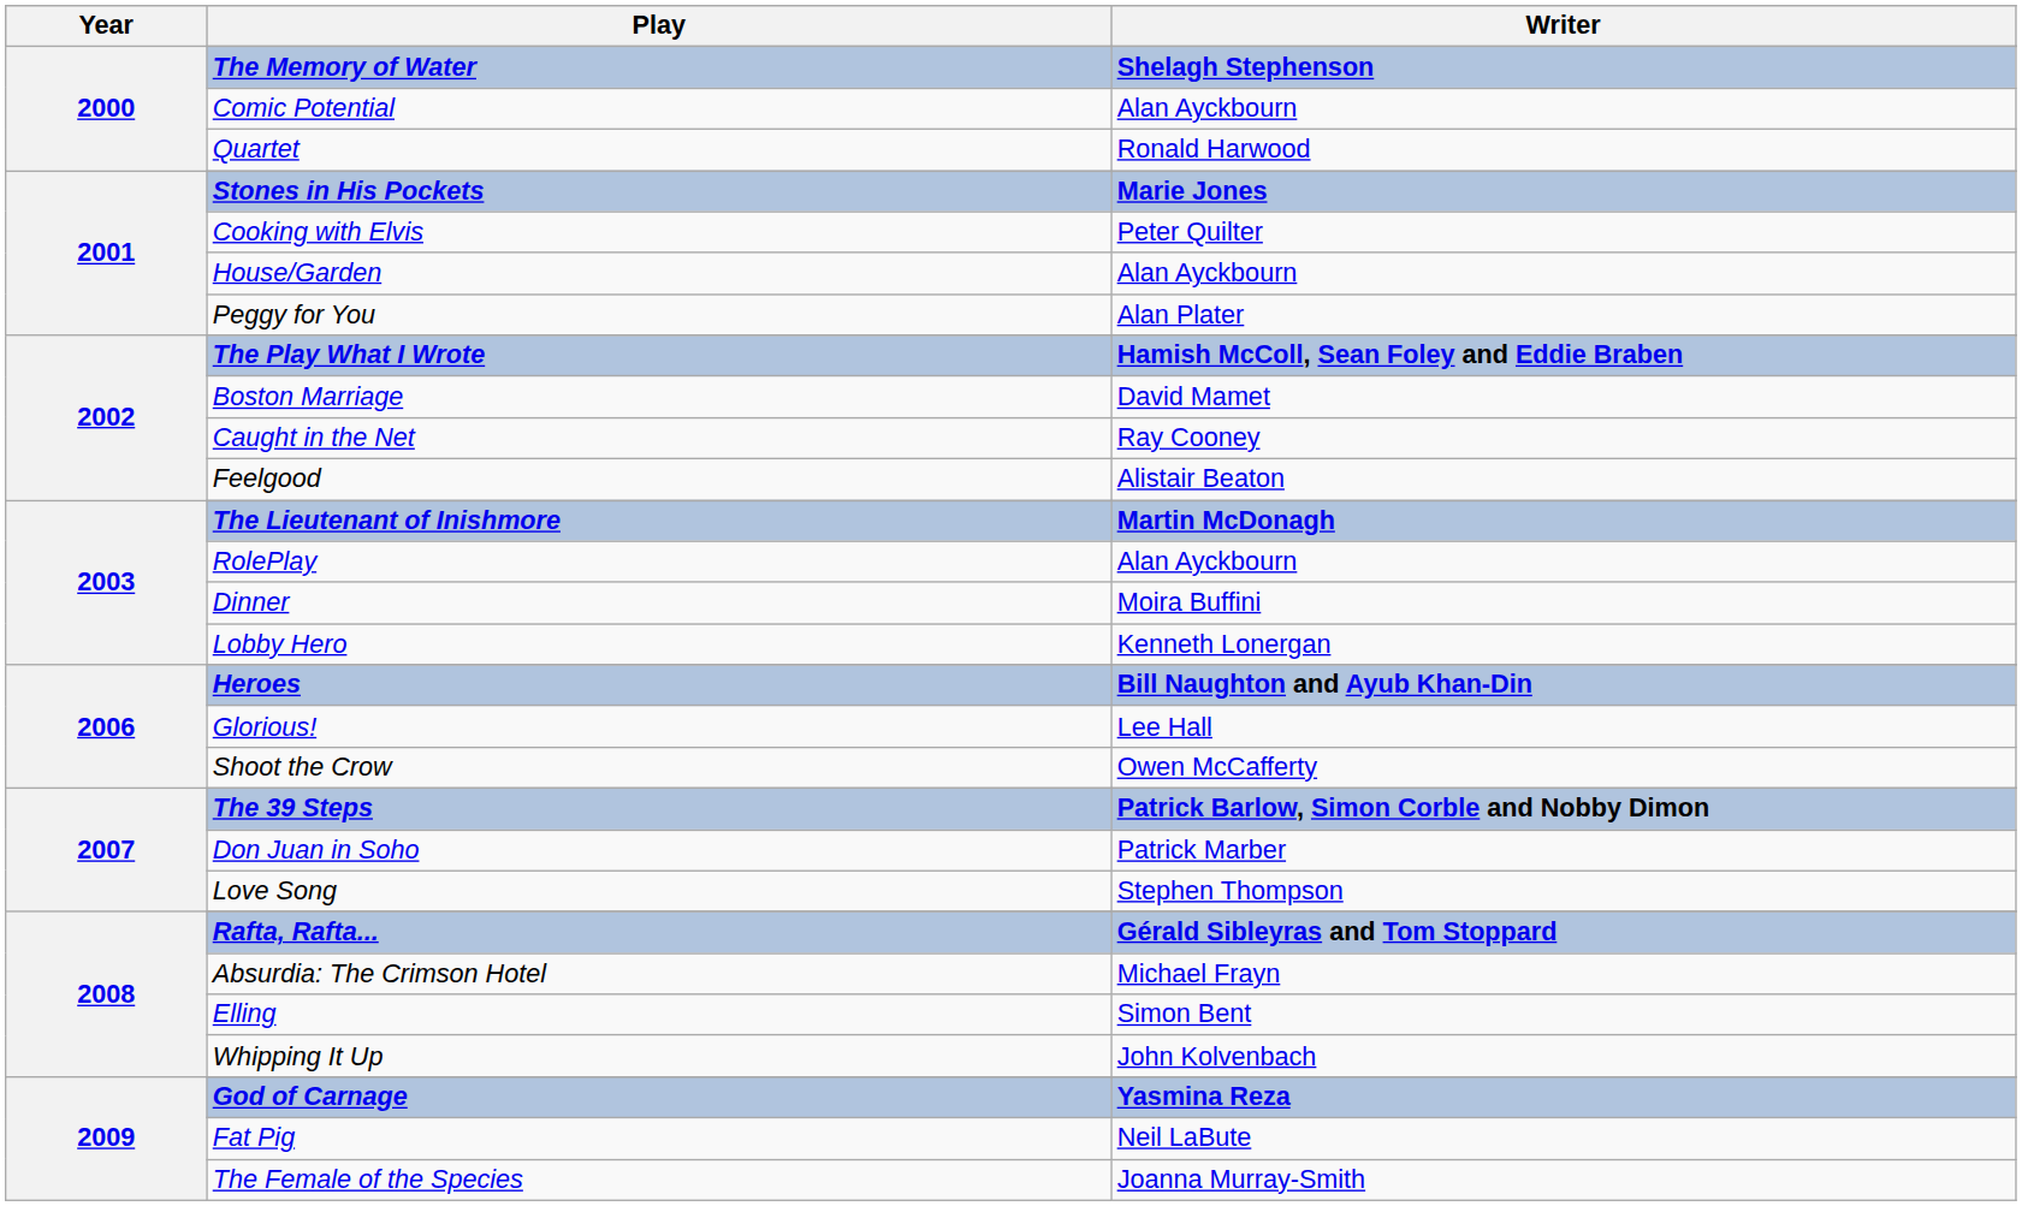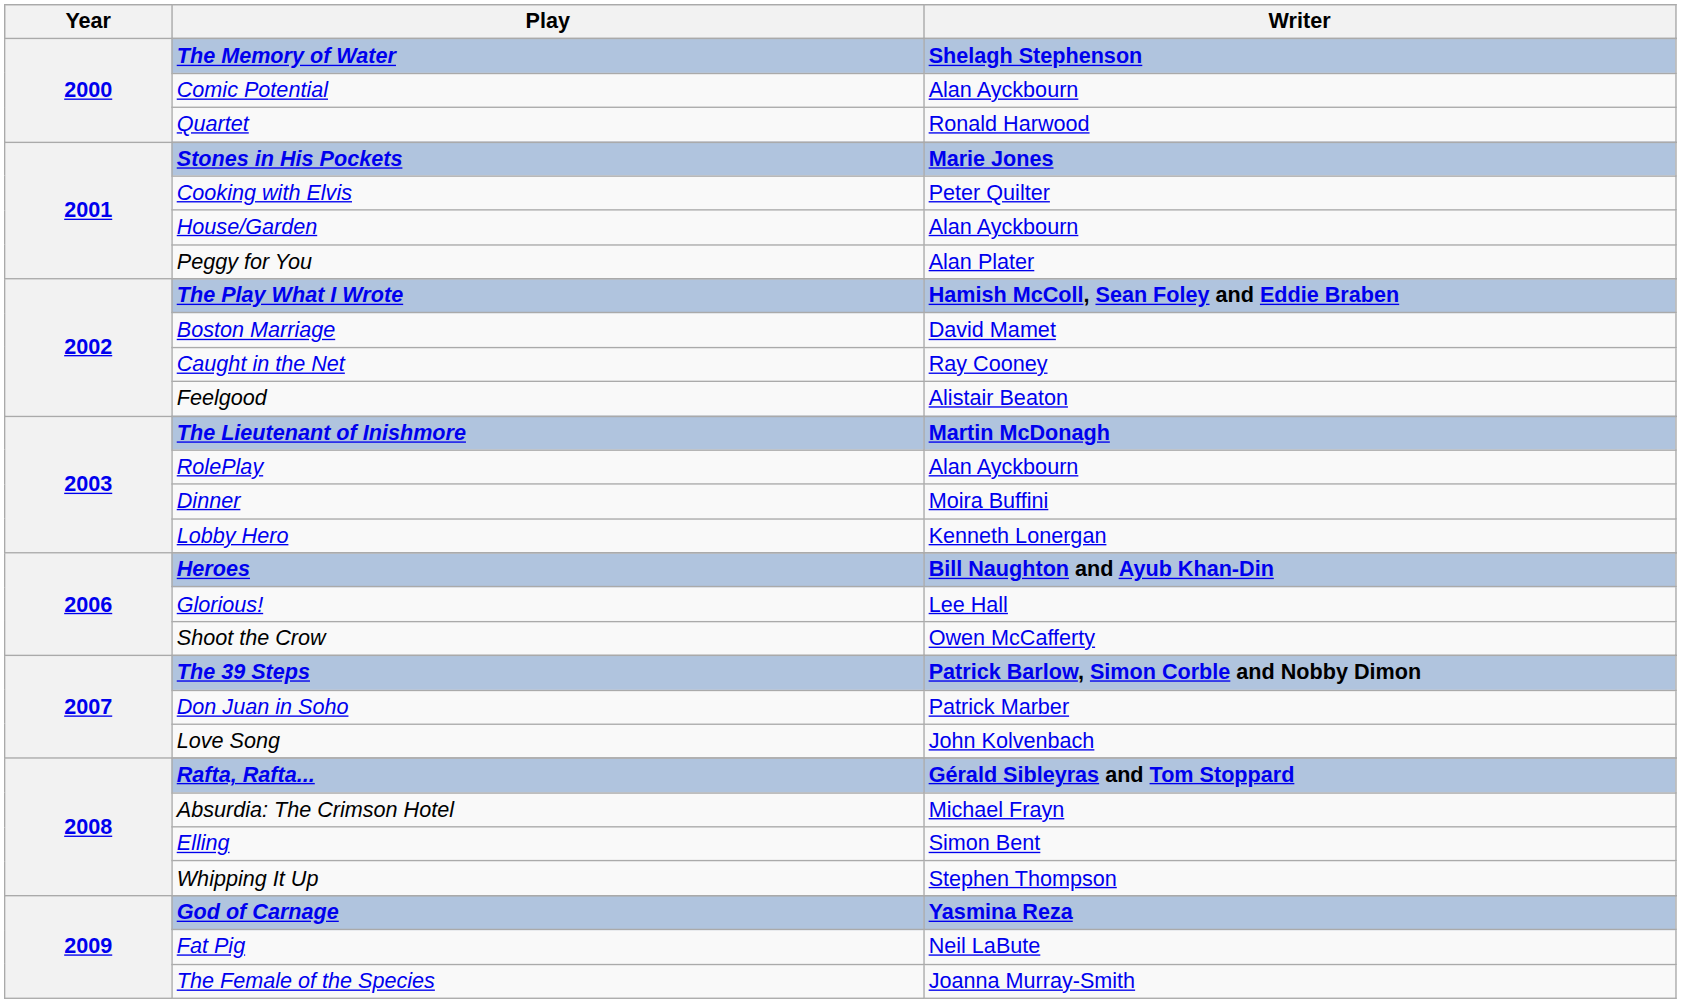 <table class="wikitable" style="width:98%;">
 <tr style="background:#bebebe;">
 <th style="width:10%;">Year</th>
 <th style="width:45%;">Play</th>
 <th style="width:45%;">Writer</th>
 </tr>
 <tr>
 <th rowspan="4" align="center"><a href='#'>2000</a></th>
 </tr>
 <tr style="background:#B0C4DE">
 <td><strong><em><a href='#'>The Memory of Water</a></em></strong></td>
 <td><strong><a href='#'>Shelagh Stephenson</a></strong></td>
 </tr>
 <tr>
 <td><em><a href='#'>Comic Potential</a></em></td>
 <td><a href='#'>Alan Ayckbourn</a></td>
 </tr>
 <tr>
 <td><em><a href='#'>Quartet</a></em></td>
 <td><a href='#'>Ronald Harwood</a></td>
 </tr>
 <tr>
 <th rowspan="5" align="center"><a href='#'>2001</a></th>
 </tr>
 <tr style="background:#B0C4DE">
 <td><strong><em><a href='#'>Stones in His Pockets</a></em></strong></td>
 <td><strong><a href='#'>Marie Jones</a></strong></td>
 </tr>
 <tr>
 <td><em><a href='#'>Cooking with Elvis</a></em></td>
 <td><a href='#'>Peter Quilter</a></td>
 </tr>
 <tr>
 <td><em><a href='#'>House/Garden</a></em></td>
 <td><a href='#'>Alan Ayckbourn</a></td>
 </tr>
 <tr>
 <td><em>Peggy for You</em></td>
 <td><a href='#'>Alan Plater</a></td>
 </tr>
 <tr>
 <th rowspan="5" align="center"><a href='#'>2002</a></th>
 </tr>
 <tr style="background:#B0C4DE">
 <td><strong><em><a href='#'>The Play What I Wrote</a></em></strong></td>
 <td><strong><a href='#'>Hamish McColl</a>, <a href='#'>Sean Foley</a> and <a href='#'>Eddie Braben</a></strong></td>
 </tr>
 <tr>
 <td><em><a href='#'>Boston Marriage</a></em></td>
 <td><a href='#'>David Mamet</a></td>
 </tr>
 <tr>
 <td><em><a href='#'>Caught in the Net</a></em></td>
 <td><a href='#'>Ray Cooney</a></td>
 </tr>
 <tr>
 <td><em>Feelgood</em></td>
 <td><a href='#'>Alistair Beaton</a></td>
 </tr>
 <tr>
 <th rowspan="5" align="center"><a href='#'>2003</a></th>
 </tr>
 <tr style="background:#B0C4DE">
 <td><strong><em><a href='#'>The Lieutenant of Inishmore</a></em></strong></td>
 <td><strong><a href='#'>Martin McDonagh</a></strong></td>
 </tr>
 <tr>
 <td><em><a href='#'>RolePlay</a></em></td>
 <td><a href='#'>Alan Ayckbourn</a></td>
 </tr>
 <tr>
 <td><em><a href='#'>Dinner</a></em></td>
 <td><a href='#'>Moira Buffini</a></td>
 </tr>
 <tr>
 <td><em><a href='#'>Lobby Hero</a></em></td>
 <td><a href='#'>Kenneth Lonergan</a></td>
 </tr>
 <tr>
 <th rowspan="4" align="center"><a href='#'>2006</a></th>
 </tr>
 <tr style="background:#B0C4DE">
 <td><strong><em><a href='#'>Heroes</a></em></strong></td>
 <td><strong><a href='#'>Bill Naughton</a> and <a href='#'>Ayub Khan-Din</a></strong></td>
 </tr>
 <tr>
 <td><em><a href='#'>Glorious!</a></em></td>
 <td><a href='#'>Lee Hall</a></td>
 </tr>
 <tr>
 <td><em>Shoot the Crow</em></td>
 <td><a href='#'>Owen McCafferty</a></td>
 </tr>
 <tr>
 <th rowspan="4" align="center"><a href='#'>2007</a></th>
 </tr>
 <tr style="background:#B0C4DE">
 <td><strong><em><a href='#'>The 39 Steps</a></em></strong></td>
 <td><strong><a href='#'>Patrick Barlow</a>, <a href='#'>Simon Corble</a> and Nobby Dimon</strong></td>
 </tr>
 <tr>
 <td><em><a href='#'>Don Juan in Soho</a></em></td>
 <td><a href='#'>Patrick Marber</a></td>
 </tr>
 <tr>
 <td><em>Love Song</em></td>
-<td><a href='#'>Stephen Thompson</a></td>
+<td><a href='#'>John Kolvenbach</a></td>
 </tr>
 <tr>
 <th rowspan="5" align="center"><a href='#'>2008</a></th>
 </tr>
 <tr style="background:#B0C4DE">
 <td><strong><em><a href='#'>Rafta, Rafta...</a></em></strong></td>
 <td><strong><a href='#'>Gérald Sibleyras</a> and <a href='#'>Tom Stoppard</a></strong></td>
 </tr>
 <tr>
 <td><em>Absurdia: The Crimson Hotel</em></td>
 <td><a href='#'>Michael Frayn</a></td>
 </tr>
 <tr>
 <td><em><a href='#'>Elling</a></em></td>
 <td><a href='#'>Simon Bent</a></td>
 </tr>
 <tr>
 <td><em>Whipping It Up</em></td>
-<td><a href='#'>John Kolvenbach</a></td>
+<td><a href='#'>Stephen Thompson</a></td>
 </tr>
 <tr>
 <th rowspan="4" align="center"><a href='#'>2009</a></th>
 </tr>
 <tr style="background:#B0C4DE">
 <td><strong><em><a href='#'>God of Carnage</a></em></strong></td>
 <td><strong><a href='#'>Yasmina Reza</a></strong></td>
 </tr>
 <tr>
 <td><em><a href='#'>Fat Pig</a></em></td>
 <td><a href='#'>Neil LaBute</a></td>
 </tr>
 <tr>
 <td><em><a href='#'>The Female of the Species</a></em></td>
 <td><a href='#'>Joanna Murray-Smith</a></td>
 </tr>
 </table>
